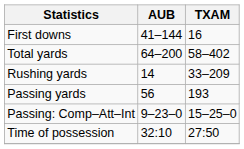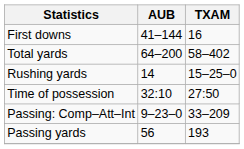 <table class="wikitable" style="float: left;">
 <tr>
 <th>Statistics</th>
 <th>AUB</th>
 <th>TXAM</th>
 </tr>
 <tr>
 <td>First downs</td>
 <td>41–144</td>
 <td>16</td>
 </tr>
 <tr>
 <td>Total yards</td>
 <td>64–200</td>
 <td>58–402</td>
 </tr>
 <tr>
 <td>Rushing yards</td>
 <td>14</td>
+<td>15–25–0</td>
+</tr>
+<tr>
+<td>Time of possession</td>
+<td>32:10</td>
+<td>27:50</td>
+</tr>
+<tr>
+<td>Passing: Comp–Att–Int</td>
+<td>9–23–0</td>
 <td>33–209</td>
 </tr>
 <tr>
 <td>Passing yards</td>
 <td>56</td>
 <td>193</td>
 </tr>
 <tr>
-<td>Passing: Comp–Att–Int</td>
-<td>9–23–0</td>
-<td>15–25–0</td>
-</tr>
-<tr>
-<td>Time of possession</td>
-<td>32:10</td>
-<td>27:50</td>
-</tr>
-<tr>
 </tr>
 </table>
